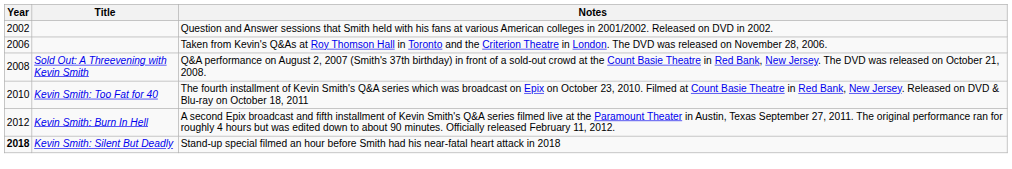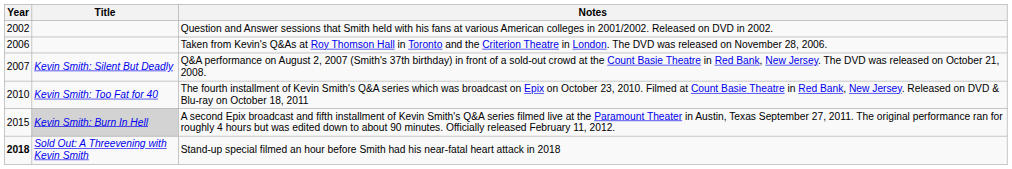 <table class="wikitable">
 <tr>
 <th>Year</th>
 <th>Title</th>
 <th>Notes</th>
 </tr>
 <tr>
 <td>2002</td>
 <td><em></em></td>
 <td>Question and Answer sessions that Smith held with his fans at various American colleges in 2001/2002. Released on DVD in 2002.</td>
 </tr>
 <tr>
 <td>2006</td>
 <td><em></em></td>
 <td>Taken from Kevin's Q&As at <a href='#'>Roy Thomson Hall</a> in <a href='#'>Toronto</a> and the <a href='#'>Criterion Theatre</a> in <a href='#'>London</a>. The DVD was released on November 28, 2006.</td>
 </tr>
 <tr>
-<td>2008</td>
-<td><em><a href='#'>Sold Out: A Threevening with Kevin Smith</a></em></td>
+<td>2007</td>
+<td><em><a href='#'>Kevin Smith: Silent But Deadly</a></em></td>
 <td>Q&A performance on August 2, 2007 (Smith's 37th birthday) in front of a sold-out crowd at the <a href='#'>Count Basie Theatre</a> in <a href='#'>Red Bank</a>, <a href='#'>New Jersey</a>. The DVD was released on October 21, 2008.</td>
 </tr>
 <tr>
 <td>2010</td>
 <td><em><a href='#'>Kevin Smith: Too Fat for 40</a></em></td>
 <td>The fourth installment of Kevin Smith's Q&A series which was broadcast on <a href='#'>Epix</a> on October 23, 2010. Filmed at <a href='#'>Count Basie Theatre</a> in <a href='#'>Red Bank</a>, <a href='#'>New Jersey</a>. Released on DVD & Blu-ray on October 18, 2011</td>
 </tr>
 <tr>
-<td>2012</td>
-<td><em><a href='#'>Kevin Smith: Burn In Hell</a></em></td>
+<td>2015</td>
+<td style="background: lightgrey;"><em><a href='#'>Kevin Smith: Burn In Hell</a></em></td>
 <td>A second Epix broadcast and fifth installment of Kevin Smith's Q&A series filmed live at the <a href='#'>Paramount Theater</a> in Austin, Texas September 27, 2011. The original performance ran for roughly 4 hours but was edited down to about 90 minutes. Officially released February 11, 2012.</td>
 </tr>
 <tr>
 <td><strong>2018</strong></td>
-<td><em><a href='#'>Kevin Smith: Silent But Deadly</a></em></td>
+<td><em><a href='#'>Sold Out: A Threevening with Kevin Smith</a></em></td>
 <td>Stand-up special filmed an hour before Smith had his near-fatal heart attack in 2018</td>
 </tr>
 </table>
